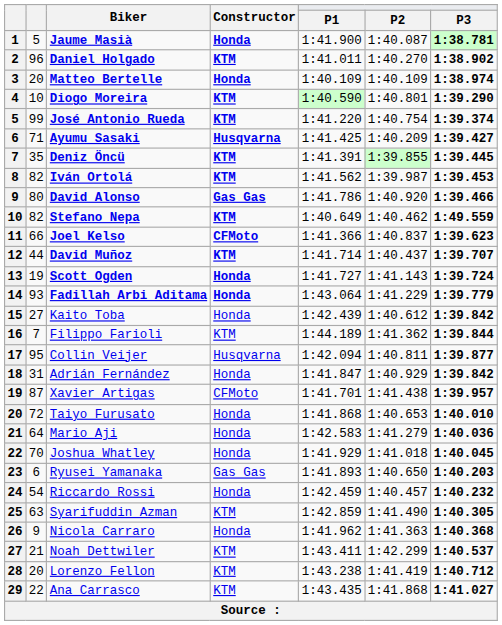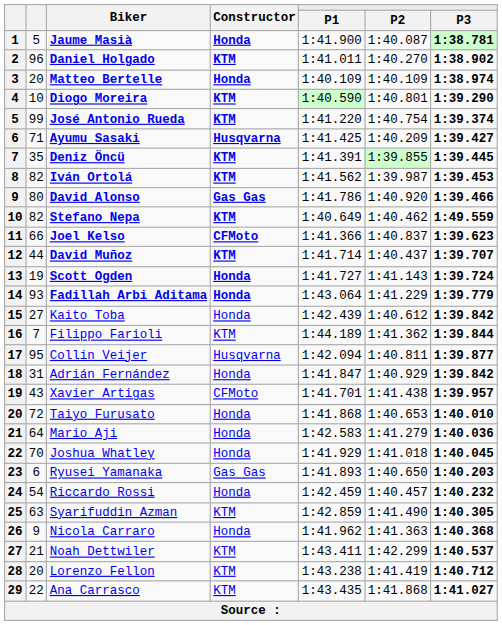 <table class="wikitable sortable" style="font-size: 85%;">
 <tr>
 <th rowspan="2"></th>
 <th rowspan="2"></th>
 <th rowspan="2">Biker</th>
 <th rowspan="2">Constructor</th>
 <th colspan="3" style="background:#eaecf0; text-align:center;"></th>
 </tr>
 <tr>
 <th scope="col">P1</th>
 <th scope="col">P2</th>
 <th scope="col">P3</th>
 </tr>
 <tr>
 <th scope="row">1</th>
 <td align="center">5</td>
 <td> <strong><a href='#'>Jaume Masià</a></strong></td>
 <td><strong><a href='#'>Honda</a></strong></td>
 <td>1:41.900</td>
 <td>1:40.087</td>
 <td style="background:#ccffcc;"><strong>1:38.781</strong></td>
 </tr>
 <tr>
 <th scope="row">2</th>
 <td align="center">96</td>
 <td><strong> <a href='#'>Daniel Holgado</a></strong></td>
 <td><strong><a href='#'>KTM</a></strong></td>
 <td>1:41.011</td>
 <td>1:40.270</td>
 <td><strong>1:38.902</strong></td>
 </tr>
 <tr>
 <th scope="row">3</th>
 <td align="center">20</td>
 <td><strong> <a href='#'>Matteo Bertelle</a></strong></td>
 <td><strong><a href='#'>Honda</a></strong></td>
 <td>1:40.109</td>
 <td>1:40.109</td>
 <td><strong>1:38.974</strong></td>
 </tr>
 <tr>
 <th scope="row">4</th>
 <td align="center">10</td>
 <td> <strong><a href='#'>Diogo Moreira</a></strong></td>
 <td><strong><a href='#'>KTM</a></strong></td>
 <td style="background:#ccffcc;">1:40.590</td>
 <td>1:40.801</td>
 <td><strong>1:39.290</strong></td>
 </tr>
 <tr>
 <th scope="row">5</th>
 <td align="center">99</td>
 <td><strong> <a href='#'>José Antonio Rueda</a></strong></td>
 <td><strong><a href='#'>KTM</a></strong></td>
 <td>1:41.220</td>
 <td>1:40.754</td>
 <td><strong>1:39.374</strong></td>
 </tr>
 <tr>
 <th scope="row">6</th>
 <td align="center">71</td>
 <td> <strong><a href='#'>Ayumu Sasaki</a></strong></td>
 <td><strong><a href='#'>Husqvarna</a></strong></td>
 <td>1:41.425</td>
 <td>1:40.209</td>
 <td><strong>1:39.427</strong></td>
 </tr>
 <tr>
 <th scope="row">7</th>
 <td align="center">35</td>
 <td><strong> <a href='#'>Deniz Öncü</a></strong></td>
 <td><strong><a href='#'>KTM</a></strong></td>
 <td>1:41.391</td>
 <td style="background:#ccffcc;">1:39.855</td>
 <td><strong>1:39.445</strong></td>
 </tr>
 <tr>
 <th scope="row">8</th>
 <td align="center">82</td>
 <td><strong> <a href='#'>Iván Ortolá</a></strong></td>
 <td><strong><a href='#'>KTM</a></strong></td>
 <td>1:41.562</td>
 <td>1:39.987</td>
 <td><strong>1:39.453</strong></td>
 </tr>
 <tr>
 <th scope="row">9</th>
 <td align="center">80</td>
 <td><strong> <a href='#'>David Alonso</a></strong></td>
 <td><strong><a href='#'>Gas Gas</a></strong></td>
 <td>1:41.786</td>
 <td>1:40.920</td>
 <td><strong>1:39.466</strong></td>
 </tr>
 <tr>
 <th scope="row">10</th>
 <td align="center">82</td>
 <td><strong> <a href='#'>Stefano Nepa</a></strong></td>
 <td><strong><a href='#'>KTM</a></strong></td>
 <td>1:40.649</td>
 <td>1:40.462</td>
 <td><strong>1:49.559</strong></td>
 </tr>
 <tr>
 <th scope="row">11</th>
 <td align="center">66</td>
 <td> <strong><a href='#'>Joel Kelso</a></strong></td>
 <td><strong><a href='#'>CFMoto</a></strong></td>
 <td>1:41.366</td>
 <td>1:40.837</td>
 <td><strong>1:39.623</strong></td>
 </tr>
 <tr>
 <th scope="row">12</th>
 <td align="center">44</td>
 <td><strong></strong> <strong><a href='#'>David Muñoz</a></strong></td>
 <td><strong><a href='#'>KTM</a></strong></td>
 <td>1:41.714</td>
 <td>1:40.437</td>
 <td><strong>1:39.707</strong></td>
 </tr>
 <tr>
 <th scope="row">13</th>
 <td align="center">19</td>
 <td><strong> <a href='#'>Scott Ogden</a></strong></td>
 <td><strong><a href='#'>Honda</a></strong></td>
 <td>1:41.727</td>
 <td>1:41.143</td>
 <td><strong>1:39.724</strong></td>
 </tr>
 <tr>
 <th scope="row">14</th>
 <td align="center">93</td>
 <td><strong></strong> <strong><a href='#'>Fadillah Arbi Aditama</a></strong></td>
 <td><strong><a href='#'>Honda</a></strong></td>
 <td>1:43.064</td>
 <td>1:41.229</td>
 <td><strong>1:39.779</strong></td>
 </tr>
 <tr>
 <th scope="row">15</th>
 <td align="center">27</td>
 <td> <a href='#'>Kaito Toba</a></td>
 <td><a href='#'>Honda</a></td>
 <td>1:42.439</td>
 <td>1:40.612</td>
 <td><strong>1:39.842</strong></td>
 </tr>
 <tr>
 <th scope="row">16</th>
 <td align="center">7</td>
 <td> <a href='#'>Filippo Farioli</a></td>
 <td><a href='#'>KTM</a></td>
 <td>1:44.189</td>
 <td>1:41.362</td>
 <td><strong>1:39.844</strong></td>
 </tr>
 <tr>
 <th scope="row">17</th>
 <td align="center">95</td>
 <td> <a href='#'>Collin Veijer</a></td>
 <td><a href='#'>Husqvarna</a></td>
 <td>1:42.094</td>
 <td>1:40.811</td>
 <td><strong>1:39.877</strong></td>
 </tr>
 <tr>
 <th scope="row">18</th>
 <td align="center">31</td>
 <td> <a href='#'> Adrián Fernández</a></td>
 <td><a href='#'>Honda</a></td>
 <td>1:41.847</td>
 <td>1:40.929</td>
 <td><strong>1:39.842</strong></td>
 </tr>
 <tr>
 <th scope="row">19</th>
-<td align="center">87</td>
+<td align="center">43</td>
 <td> <a href='#'>Xavier Artigas</a></td>
 <td><a href='#'>CFMoto</a></td>
 <td>1:41.701</td>
 <td>1:41.438</td>
 <td><strong>1:39.957</strong></td>
 </tr>
 <tr>
 <th scope="row">20</th>
 <td align="center">72</td>
 <td> <a href='#'>Taiyo Furusato</a></td>
 <td><a href='#'>Honda</a></td>
 <td>1:41.868</td>
 <td>1:40.653</td>
 <td><strong>1:40.010</strong></td>
 </tr>
 <tr>
 <th scope="row">21</th>
 <td align="center">64</td>
 <td> <a href='#'>Mario Aji</a></td>
 <td><a href='#'>Honda</a></td>
 <td>1:42.583</td>
 <td>1:41.279</td>
 <td><strong>1:40.036</strong></td>
 </tr>
 <tr>
 <th scope="row">22</th>
 <td align="center">70</td>
 <td> <a href='#'>Joshua Whatley</a></td>
 <td><a href='#'>Honda</a></td>
 <td>1:41.929</td>
 <td>1:41.018</td>
 <td><strong>1:40.045</strong></td>
 </tr>
 <tr>
 <th scope="row">23</th>
 <td align="center">6</td>
 <td> <a href='#'>Ryusei Yamanaka</a></td>
 <td><a href='#'>Gas Gas</a></td>
 <td>1:41.893</td>
 <td>1:40.650</td>
 <td><strong>1:40.203</strong></td>
 </tr>
 <tr>
 <th scope="row">24</th>
 <td align="center">54</td>
 <td> <a href='#'>Riccardo Rossi</a></td>
 <td><a href='#'>Honda</a></td>
 <td>1:42.459</td>
 <td>1:40.457</td>
 <td><strong>1:40.232</strong></td>
 </tr>
 <tr>
 <th scope="row">25</th>
 <td align="center">63</td>
 <td> <a href='#'>Syarifuddin Azman</a></td>
 <td><a href='#'>KTM</a></td>
 <td>1:42.859</td>
 <td>1:41.490</td>
 <td><strong>1:40.305</strong></td>
 </tr>
 <tr>
 <th scope="row">26</th>
 <td align="center">9</td>
 <td> <a href='#'>Nicola Carraro</a></td>
 <td><a href='#'>Honda</a></td>
 <td>1:41.962</td>
 <td>1:41.363</td>
 <td><strong>1:40.368</strong></td>
 </tr>
 <tr>
 <th scope="row">27</th>
 <td align="center">21</td>
 <td> <a href='#'>Noah Dettwiler</a></td>
 <td><a href='#'>KTM</a></td>
 <td>1:43.411</td>
 <td>1:42.299</td>
 <td><strong>1:40.537</strong></td>
 </tr>
 <tr>
 <th scope="row">28</th>
 <td align="center">20</td>
 <td> <a href='#'>Lorenzo Fellon</a></td>
 <td><a href='#'>KTM</a></td>
 <td>1:43.238</td>
 <td>1:41.419</td>
 <td><strong>1:40.712</strong></td>
 </tr>
 <tr>
 <th scope="row">29</th>
 <td align="center">22</td>
 <td> <a href='#'>Ana Carrasco</a></td>
 <td><a href='#'>KTM</a></td>
 <td>1:43.435</td>
 <td>1:41.868</td>
 <td><strong>1:41.027</strong></td>
 </tr>
 <tr>
 <th colspan="7">Source : </th>
 </tr>
 </table>
